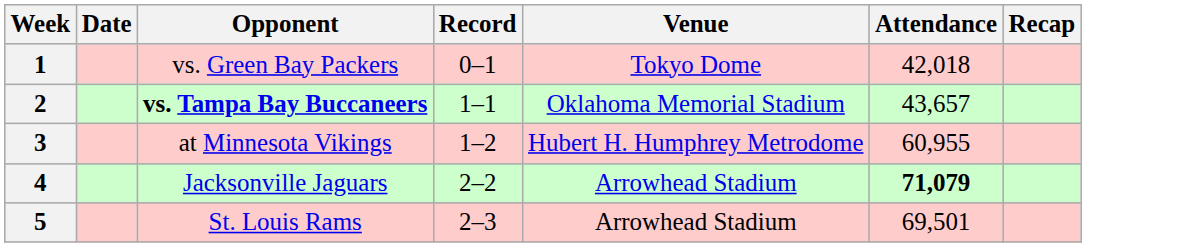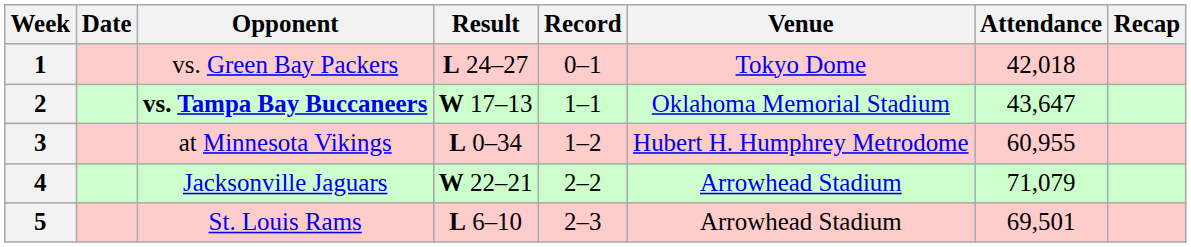 <table class="wikitable" style="text-align:center">
 <tr>
 <th>Week</th>
 <th>Date</th>
 <th>Opponent</th>
+<th>Result</th>
 <th>Record</th>
 <th>Venue</th>
 <th>Attendance</th>
 <th>Recap</th>
 </tr>
 <tr style="background:#fcc">
 <th>1</th>
 <td></td>
 <td>vs. <a href='#'>Green Bay Packers</a></td>
+<td><strong>L</strong> 24–27 </td>
 <td>0–1</td>
 <td> <a href='#'>Tokyo Dome</a> </td>
 <td>42,018</td>
 <td></td>
 </tr>
 <tr style="background:#cfc">
 <th>2</th>
 <td></td>
 <td><strong>vs. <a href='#'>Tampa Bay Buccaneers</a></strong></td>
+<td><strong>W</strong> 17–13</td>
 <td>1–1</td>
 <td><a href='#'>Oklahoma Memorial Stadium</a> </td>
-<td>43,657</td>
+<td>43,647</td>
 <td></td>
 </tr>
 <tr style="background:#fcc">
 <th>3</th>
 <td></td>
 <td>at <a href='#'>Minnesota Vikings</a></td>
+<td><strong>L</strong> 0–34</td>
 <td>1–2</td>
 <td><a href='#'>Hubert H. Humphrey Metrodome</a></td>
 <td>60,955</td>
 <td></td>
 </tr>
 <tr style="background:#cfc">
 <th>4</th>
 <td></td>
 <td><a href='#'>Jacksonville Jaguars</a></td>
+<td><strong>W</strong> 22–21</td>
 <td>2–2</td>
 <td><a href='#'>Arrowhead Stadium</a></td>
-<td><strong>71,079</strong></td>
+<td>71,079</td>
 <td></td>
 </tr>
 <tr style="background:#fcc">
 <th>5</th>
 <td></td>
 <td><a href='#'>St. Louis Rams</a></td>
+<td><strong>L</strong> 6–10</td>
 <td>2–3</td>
 <td>Arrowhead Stadium</td>
 <td>69,501</td>
 <td></td>
 </tr>
 </table>
